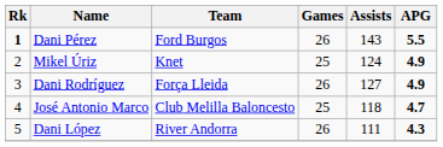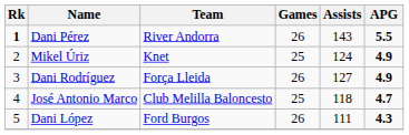 <table class="wikitable" style="text-align: center;">
 <tr>
 <th>Rk</th>
 <th>Name</th>
 <th>Team</th>
 <th>Games</th>
 <th>Assists</th>
 <th width=40>APG</th>
 </tr>
 <tr>
 <td><strong>1</strong></td>
 <td align="left"> <a href='#'>Dani Pérez</a></td>
-<td align="left"><a href='#'>Ford Burgos</a></td>
+<td align="left"><a href='#'>River Andorra</a></td>
 <td>26</td>
 <td>143</td>
 <td><strong>5.5</strong></td>
 </tr>
 <tr>
 <td>2</td>
 <td align="left"> <a href='#'>Mikel Úriz</a></td>
 <td align="left"><a href='#'>Knet</a></td>
 <td>25</td>
 <td>124</td>
 <td><strong>4.9</strong></td>
 </tr>
 <tr>
 <td>3</td>
 <td align="left"> <a href='#'>Dani Rodríguez</a></td>
 <td align="left"><a href='#'>Força Lleida</a></td>
 <td>26</td>
 <td>127</td>
 <td><strong>4.9</strong></td>
 </tr>
 <tr>
 <td>4</td>
 <td align="left"> <a href='#'>José Antonio Marco</a></td>
 <td align="left"><a href='#'>Club Melilla Baloncesto</a></td>
 <td>25</td>
 <td>118</td>
 <td><strong>4.7</strong></td>
 </tr>
 <tr>
 <td>5</td>
 <td align="left"> <a href='#'>Dani López</a></td>
-<td align="left"><a href='#'>River Andorra</a></td>
+<td align="left"><a href='#'>Ford Burgos</a></td>
 <td>26</td>
 <td>111</td>
 <td><strong>4.3</strong></td>
 </tr>
 <tr>
 </tr>
 </table>
